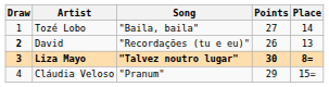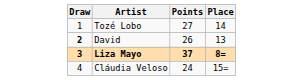 <table class="sortable wikitable" style="margin: 1em auto 1em auto; text-align:center">
 <tr>
 <th>Draw</th>
 <th>Artist</th>
-<th>Song</th>
 <th>Points</th>
 <th>Place</th>
 </tr>
 <tr>
 <td>1</td>
 <td align="left">Tozé Lobo</td>
-<td align="left">"Baila, baila"</td>
 <td>27</td>
 <td>14</td>
 </tr>
 <tr>
 <td><strong>2</strong></td>
 <td align="left">David</td>
-<td align="left">"Recordações (tu e eu)"</td>
 <td>26</td>
 <td>13</td>
 </tr>
 <tr style="font-weight:bold;background:navajowhite;">
 <td>3</td>
 <td align="left">Liza Mayo</td>
-<td align="left">"Talvez noutro lugar"</td>
-<td>30</td>
+<td>37</td>
 <td>8=</td>
 </tr>
 <tr>
 <td>4</td>
 <td align="left">Cláudia Veloso</td>
-<td align="left">"Pranum"</td>
-<td>29</td>
+<td>24</td>
 <td>15=</td>
 </tr>
 </table>
